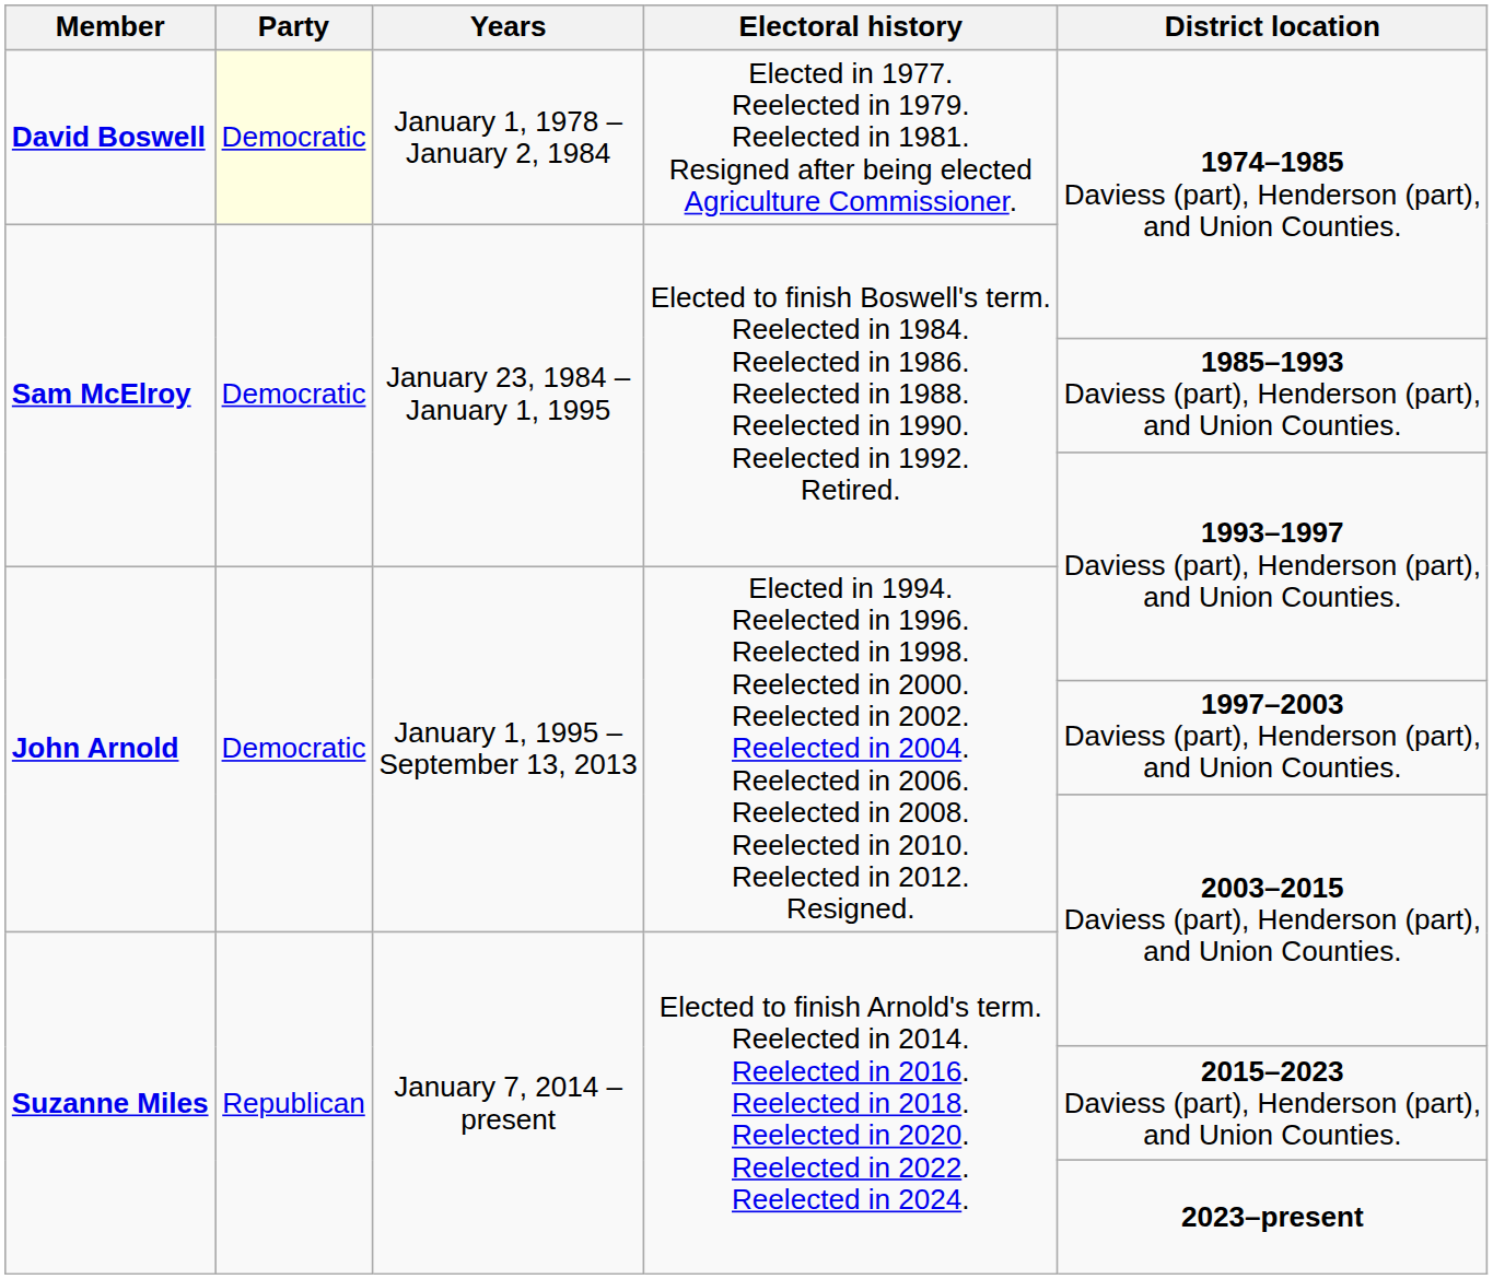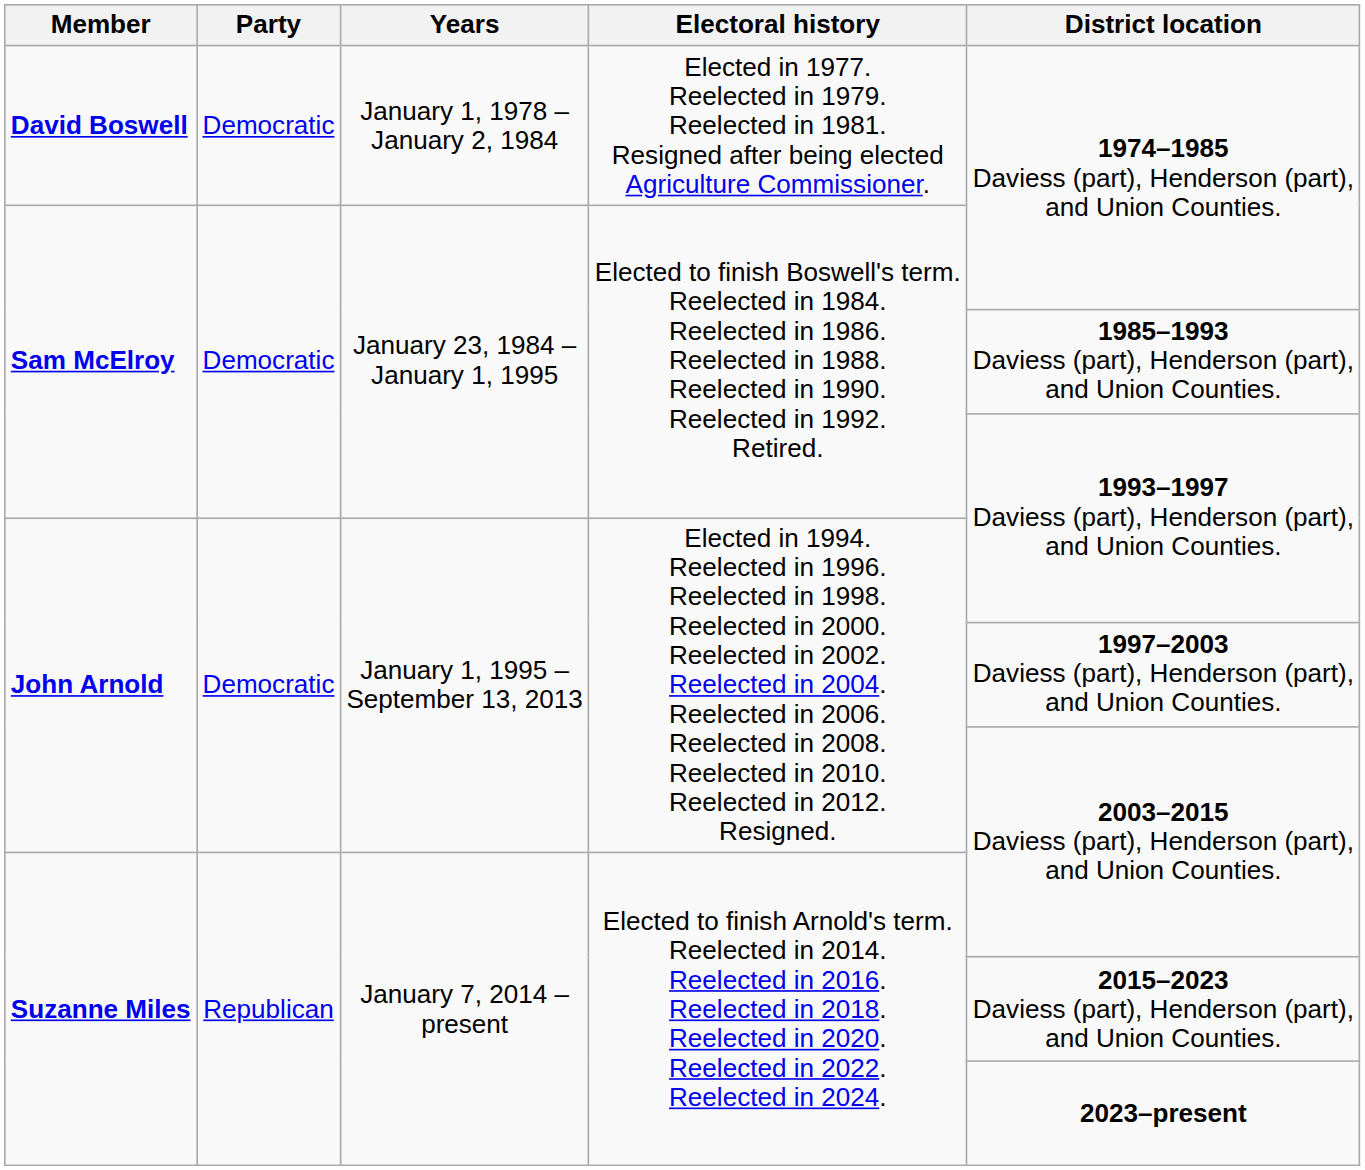 <table class=wikitable style="text-align:center">
 <tr>
 <th>Member</th>
 <th>Party</th>
 <th>Years</th>
 <th>Electoral history</th>
 <th>District location</th>
 </tr>
 <tr style="height:4em">
 <td align=left><strong><a href='#'>David Boswell</a></strong><br></td>
-<td style="background: lightyellow;"><a href='#'>Democratic</a></td>
+<td><a href='#'>Democratic</a></td>
 <td nowrap>January 1, 1978 –<br>January 2, 1984</td>
 <td>Elected in 1977.<br>Reelected in 1979.<br>Reelected in 1981.<br>Resigned after being elected<br><a href='#'>Agriculture Commissioner</a>.</td>
 <td rowspan=2><strong>1974–1985</strong><br>Daviess (part), Henderson (part),<br>and Union Counties.</td>
 </tr>
 <tr style="height:4em">
 <td rowspan=3 align=left><strong><a href='#'>Sam McElroy</a></strong><br></td>
 <td rowspan=3 ><a href='#'>Democratic</a></td>
 <td rowspan=3 nowrap>January 23, 1984 –<br>January 1, 1995</td>
 <td rowspan=3>Elected to finish Boswell's term.<br>Reelected in 1984.<br>Reelected in 1986.<br>Reelected in 1988.<br>Reelected in 1990.<br>Reelected in 1992.<br>Retired.</td>
 </tr>
 <tr style="height:4em">
 <td><strong>1985–1993</strong><br>Daviess (part), Henderson (part),<br>and Union Counties.</td>
 </tr>
 <tr style="height:4em">
 <td rowspan=2><strong>1993–1997</strong><br>Daviess (part), Henderson (part),<br>and Union Counties.</td>
 </tr>
 <tr style="height:4em">
 <td rowspan=3 align=left><strong><a href='#'>John Arnold</a></strong><br></td>
 <td rowspan=3 ><a href='#'>Democratic</a></td>
 <td rowspan=3 nowrap>January 1, 1995 –<br>September 13, 2013</td>
 <td rowspan=3>Elected in 1994.<br>Reelected in 1996.<br>Reelected in 1998.<br>Reelected in 2000.<br>Reelected in 2002.<br><a href='#'>Reelected in 2004</a>.<br>Reelected in 2006.<br>Reelected in 2008.<br>Reelected in 2010.<br>Reelected in 2012.<br>Resigned.</td>
 </tr>
 <tr style="height:4em">
 <td><strong>1997–2003</strong><br>Daviess (part), Henderson (part),<br>and Union Counties.</td>
 </tr>
 <tr style="height:4em">
 <td rowspan=2><strong>2003–2015</strong><br>Daviess (part), Henderson (part),<br>and Union Counties.</td>
 </tr>
 <tr style="height:4em">
 <td rowspan=3 align=left><strong><a href='#'>Suzanne Miles</a></strong><br></td>
 <td rowspan=3 ><a href='#'>Republican</a></td>
 <td rowspan=3 nowrap>January 7, 2014 –<br>present</td>
 <td rowspan=3>Elected to finish Arnold's term.<br>Reelected in 2014.<br><a href='#'>Reelected in 2016</a>.<br><a href='#'>Reelected in 2018</a>.<br><a href='#'>Reelected in 2020</a>.<br><a href='#'>Reelected in 2022</a>.<br><a href='#'>Reelected in 2024</a>.</td>
 </tr>
 <tr style="height:4em">
 <td><strong>2015–2023</strong><br>Daviess (part), Henderson (part),<br>and Union Counties.</td>
 </tr>
 <tr style="height:4em">
 <td><strong>2023–present</strong><br></td>
 </tr>
 </table>
